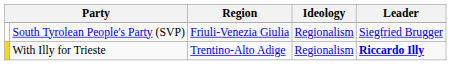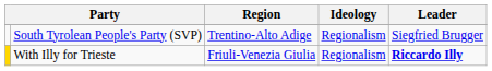 <table class=wikitable style=text-align:left>
 <tr>
 <th colspan=2>Party</th>
 <th>Region</th>
 <th>Ideology</th>
 <th>Leader</th>
 </tr>
 <tr>
 </tr>
 <tr>
 <td></td>
 <td><a href='#'>South Tyrolean People's Party</a> (SVP)</td>
-<td><a href='#'>Friuli-Venezia Giulia</a></td>
+<td><a href='#'>Trentino-Alto Adige</a></td>
 <td><a href='#'>Regionalism</a></td>
 <td><a href='#'>Siegfried Brugger</a></td>
 </tr>
 <tr>
 <td bgcolor="gold"></td>
 <td>With Illy for Trieste</td>
-<td><a href='#'>Trentino-Alto Adige</a></td>
+<td><a href='#'>Friuli-Venezia Giulia</a></td>
 <td><a href='#'>Regionalism</a></td>
 <td><strong><a href='#'>Riccardo Illy</a></strong></td>
 </tr>
 </table>
